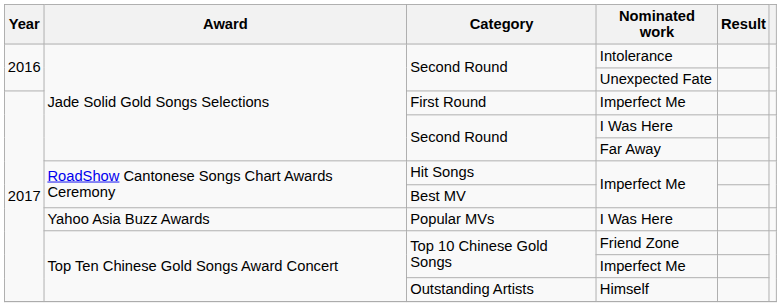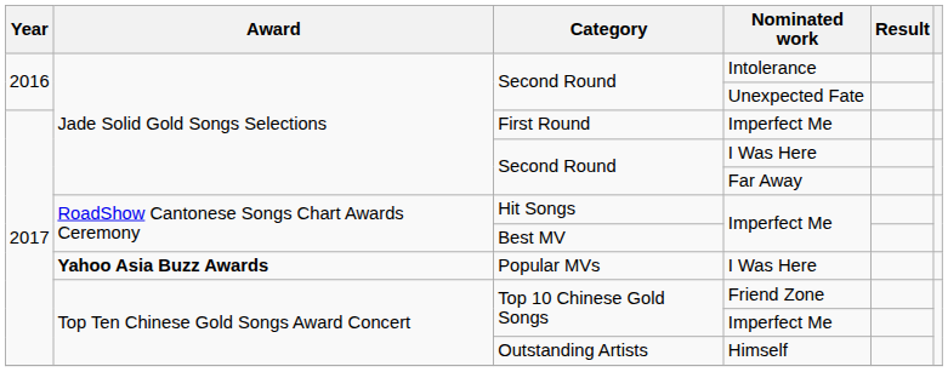 <table class="wikitable sortable" width="95%">
 <tr>
 <th>Year</th>
 <th>Award</th>
 <th>Category</th>
 <th>Nominated work</th>
 <th>Result</th>
 <th class="unsortable"></th>
 </tr>
 <tr>
 <td rowspan="2">2016</td>
 <td rowspan="5">Jade Solid Gold Songs Selections</td>
 <td rowspan="2">Second Round</td>
 <td>Intolerance</td>
 <td></td>
 <td rowspan="2"></td>
 </tr>
 <tr>
 <td>Unexpected Fate</td>
 <td></td>
 </tr>
 <tr>
 <td rowspan="9">2017</td>
 <td>First Round</td>
 <td>Imperfect Me</td>
 <td></td>
 <td></td>
 </tr>
 <tr>
 <td rowspan="2">Second Round</td>
 <td>I Was Here</td>
 <td></td>
 <td rowspan="2"></td>
 </tr>
 <tr>
 <td>Far Away</td>
 <td></td>
 </tr>
 <tr>
 <td rowspan="2"><a href='#'>RoadShow</a> Cantonese Songs Chart Awards Ceremony</td>
 <td>Hit Songs</td>
 <td rowspan="2">Imperfect Me</td>
 <td></td>
 <td rowspan="2"></td>
 </tr>
 <tr>
 <td>Best MV</td>
 <td></td>
 </tr>
 <tr>
-<td>Yahoo Asia Buzz Awards</td>
+<td><strong>Yahoo Asia Buzz Awards</strong></td>
 <td>Popular MVs</td>
 <td>I Was Here</td>
 <td></td>
 <td></td>
 </tr>
 <tr>
 <td rowspan="3">Top Ten Chinese Gold Songs Award Concert</td>
 <td rowspan="2">Top 10 Chinese Gold Songs</td>
 <td>Friend Zone</td>
 <td></td>
 <td rowspan="3"></td>
 </tr>
 <tr>
 <td>Imperfect Me</td>
 <td></td>
 </tr>
 <tr>
 <td>Outstanding Artists</td>
 <td>Himself</td>
 <td></td>
 </tr>
 <tr>
 </tr>
 </table>
